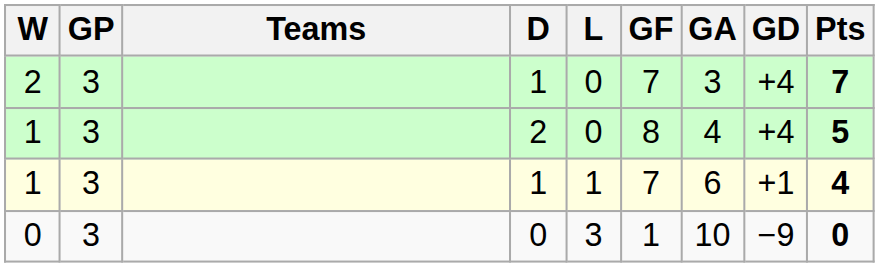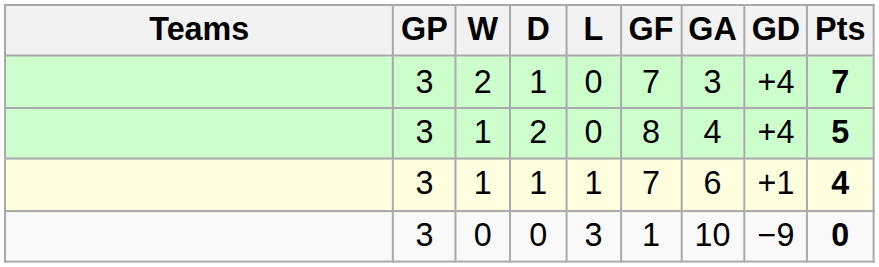 <table class="wikitable" style="text-align:center">
 <tr>
+<th width=185>Teams</th>
+<th width=20>GP</th>
 <th width=20>W</th>
-<th width=20>GP</th>
-<th width=185>Teams</th>
 <th width=20>D</th>
 <th width=20>L</th>
 <th width=20>GF</th>
 <th width=20>GA</th>
 <th width=20>GD</th>
 <th width=20>Pts</th>
 </tr>
 <tr align=center style="background:#ccffcc;">
+<td style="text-align:left;"></td>
+<td>3</td>
 <td>2</td>
-<td>3</td>
-<td style="text-align:left;"></td>
 <td>1</td>
 <td>0</td>
 <td>7</td>
 <td>3</td>
 <td>+4</td>
 <td><strong>7</strong></td>
 </tr>
 <tr align=center style="background:#ccffcc;">
+<td style="text-align:left;"></td>
+<td>3</td>
 <td>1</td>
-<td>3</td>
-<td style="text-align:left;"></td>
 <td>2</td>
 <td>0</td>
 <td>8</td>
 <td>4</td>
 <td>+4</td>
 <td><strong>5</strong></td>
 </tr>
 <tr align=center style="background:lightyellow;">
+<td style="text-align:left;"></td>
+<td>3</td>
 <td>1</td>
-<td>3</td>
-<td style="text-align:left;"></td>
 <td>1</td>
 <td>1</td>
 <td>7</td>
 <td>6</td>
 <td>+1</td>
 <td><strong>4</strong></td>
 </tr>
 <tr align=center>
+<td style="text-align:left;"></td>
+<td>3</td>
 <td>0</td>
-<td>3</td>
-<td style="text-align:left;"></td>
 <td>0</td>
 <td>3</td>
 <td>1</td>
 <td>10</td>
 <td>−9</td>
 <td><strong>0</strong></td>
 </tr>
 </table>
